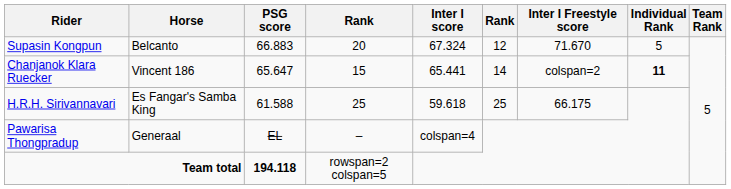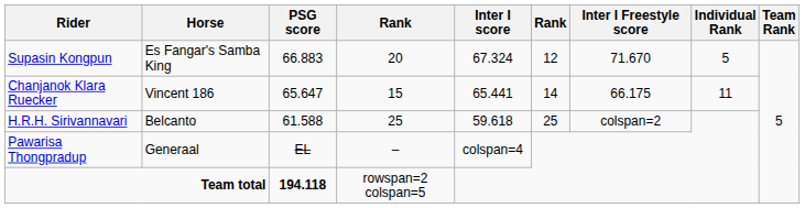 <table class="wikitable" style="font-size:90%;text-align:center">
 <tr>
 <th>Rider</th>
 <th>Horse</th>
 <th>PSG score</th>
 <th>Rank</th>
 <th>Inter I score</th>
 <th>Rank</th>
 <th>Inter I Freestyle score</th>
 <th>Individual<br>Rank</th>
 <th>Team<br>Rank</th>
 </tr>
 <tr>
 <td align=left><a href='#'>Supasin Kongpun</a></td>
-<td align=left>Belcanto</td>
+<td align=left>Es Fangar's Samba King</td>
 <td>66.883</td>
 <td>20 <strong></strong></td>
 <td>67.324</td>
 <td>12 <strong></strong></td>
 <td>71.670</td>
 <td>5</td>
 <td rowspan=5>5</td>
 </tr>
 <tr>
 <td align=left><a href='#'>Chanjanok Klara Ruecker</a></td>
 <td align=left>Vincent 186</td>
 <td>65.647</td>
 <td>15 <strong></strong></td>
 <td>65.441</td>
 <td>14 <strong></strong></td>
-<td>colspan=2 </td>
-<td><strong>11</strong></td>
+<td>66.175</td>
+<td>11</td>
 </tr>
 <tr>
 <td align=left><a href='#'>H.R.H. Sirivannavari</a></td>
-<td align=left>Es Fangar's Samba King</td>
+<td align=left>Belcanto</td>
 <td>61.588</td>
 <td>25 <strong></strong></td>
 <td>59.618</td>
 <td>25</td>
-<td>66.175</td>
+<td>colspan=2 </td>
 </tr>
 <tr>
 <td align=left><a href='#'>Pawarisa Thongpradup</a></td>
 <td align=left>Generaal</td>
 <td><s>EL</s></td>
 <td>–</td>
 <td>colspan=4 </td>
 </tr>
 <tr>
 <td align=right colspan=2><strong>Team total</strong></td>
 <td><strong>194.118</strong></td>
 <td>rowspan=2 colspan=5 </td>
 </tr>
 </table>
